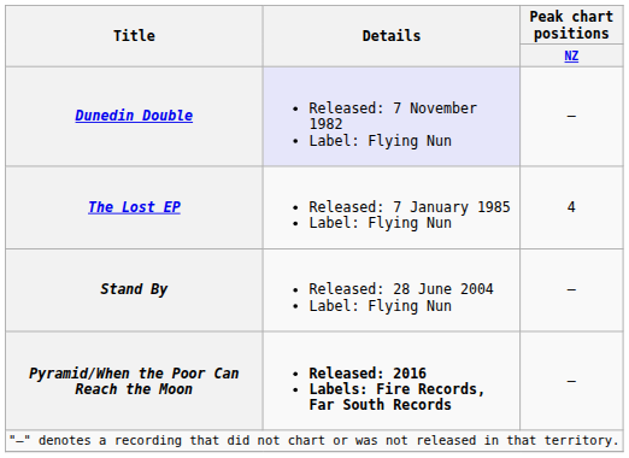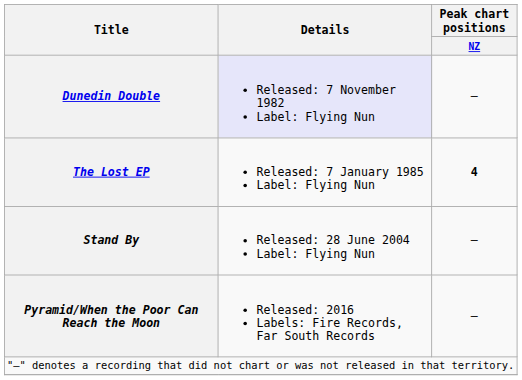 <table class="wikitable plainrowheaders">
 <tr>
 <th scope="col" rowspan="2" style="width:18em;">Title</th>
 <th scope="col" rowspan="2" style="width:18em;">Details</th>
 <th scope="col">Peak chart<br>positions</th>
 </tr>
 <tr>
 <th><small><a href='#'>NZ</a></small></th>
 </tr>
 <tr>
 <th scope="row"><em><a href='#'>Dunedin Double</a></em><br></th>
 <td style="background: lavender;"><br><ul><li>Released: 7 November 1982</li><li>Label: Flying Nun </li></ul></td>
 <td align="center">—</td>
 </tr>
 <tr>
 <th scope="row"><em><a href='#'>The Lost EP</a></em></th>
 <td><br><ul><li>Released: 7 January 1985</li><li>Label: Flying Nun </li></ul></td>
-<td align="center">4</td>
+<td align="center"><strong>4</strong></td>
 </tr>
 <tr>
 <th scope="row"><em>Stand By</em><br></th>
 <td><br><ul><li>Released: 28 June 2004</li><li>Label: Flying Nun </li></ul></td>
 <td align="center">—</td>
 </tr>
 <tr>
 <th scope="row"><em>Pyramid/When the Poor Can Reach the Moon</em></th>
-<td><strong><br><ul><li>Released: 2016</li><li>Labels: Fire Records, Far South Records </li></ul></strong></td>
+<td><br><ul><li>Released: 2016</li><li>Labels: Fire Records, Far South Records </li></ul></td>
 <td align="center">—</td>
 </tr>
 <tr>
 <td colspan="4" style="font-size:90%" align="center">"—" denotes a recording that did not chart or was not released in that territory.</td>
 </tr>
 <tr>
 </tr>
 </table>
